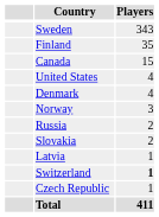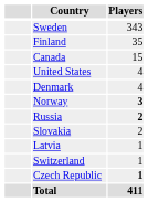 <table width=210px>
 <tr bgcolor="#dddddd">
 <th width=20%></th>
 <th width=55%>Country</th>
 <th width=25%>Players</th>
 </tr>
 <tr>
 </tr>
 <tr bgcolor="#eeeeee">
 <td align=center></td>
 <td align=left><a href='#'>Sweden</a></td>
 <td align=right>343</td>
 </tr>
 <tr bgcolor="#eeeeee">
 <td align=center></td>
 <td align=left><a href='#'>Finland</a></td>
 <td align=right>35</td>
 </tr>
 <tr bgcolor="#eeeeee">
 <td align=center></td>
 <td align=left><a href='#'>Canada</a></td>
 <td align=right>15</td>
 </tr>
 <tr bgcolor="#eeeeee">
 <td align=center></td>
 <td align=left><a href='#'>United States</a></td>
 <td align=right>4</td>
 </tr>
 <tr bgcolor="#eeeeee">
 <td align=center></td>
 <td align=left><a href='#'>Denmark</a></td>
 <td align=right>4</td>
 </tr>
 <tr bgcolor="#eeeeee">
 <td align=center></td>
 <td align=left><a href='#'>Norway</a></td>
-<td align=right>3</td>
+<td align=right><strong>3</strong></td>
 </tr>
 <tr bgcolor="#eeeeee">
 <td align=center></td>
 <td align=left><a href='#'>Russia</a></td>
-<td align=right>2</td>
+<td align=right><strong>2</strong></td>
 </tr>
 <tr bgcolor="#eeeeee">
 <td align=center></td>
 <td align=left><a href='#'>Slovakia</a></td>
 <td align=right>2</td>
 </tr>
 <tr bgcolor="#eeeeee">
 <td align=center></td>
 <td align=left><a href='#'>Latvia</a></td>
 <td align=right>1</td>
 </tr>
 <tr bgcolor="#eeeeee">
 <td align=center></td>
 <td align=left><a href='#'>Switzerland</a></td>
-<td align=right><strong>1</strong></td>
+<td align=right>1</td>
 </tr>
 <tr bgcolor="#eeeeee">
 <td align=center></td>
 <td align=left><a href='#'>Czech Republic</a></td>
-<td align=right>1</td>
+<td align=right><strong>1</strong></td>
 </tr>
 <tr bgcolor="#dddddd">
 <th align=center></th>
 <th align=left>Total</th>
 <th align=right>411</th>
 </tr>
 </table>
